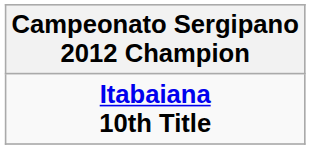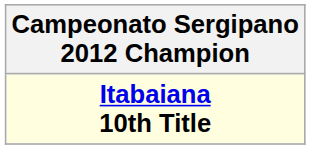 <table class="wikitable" style="text-align: center; margin: 0 auto;">
 <tr>
 <th>Campeonato Sergipano<br>2012 Champion</th>
 </tr>
 <tr>
-<td><strong><a href='#'>Itabaiana</a></strong><br><strong>10th Title</strong></td>
+<td style="background: lightyellow;"><strong><a href='#'>Itabaiana</a></strong><br><strong>10th Title</strong></td>
 </tr>
 </table>
